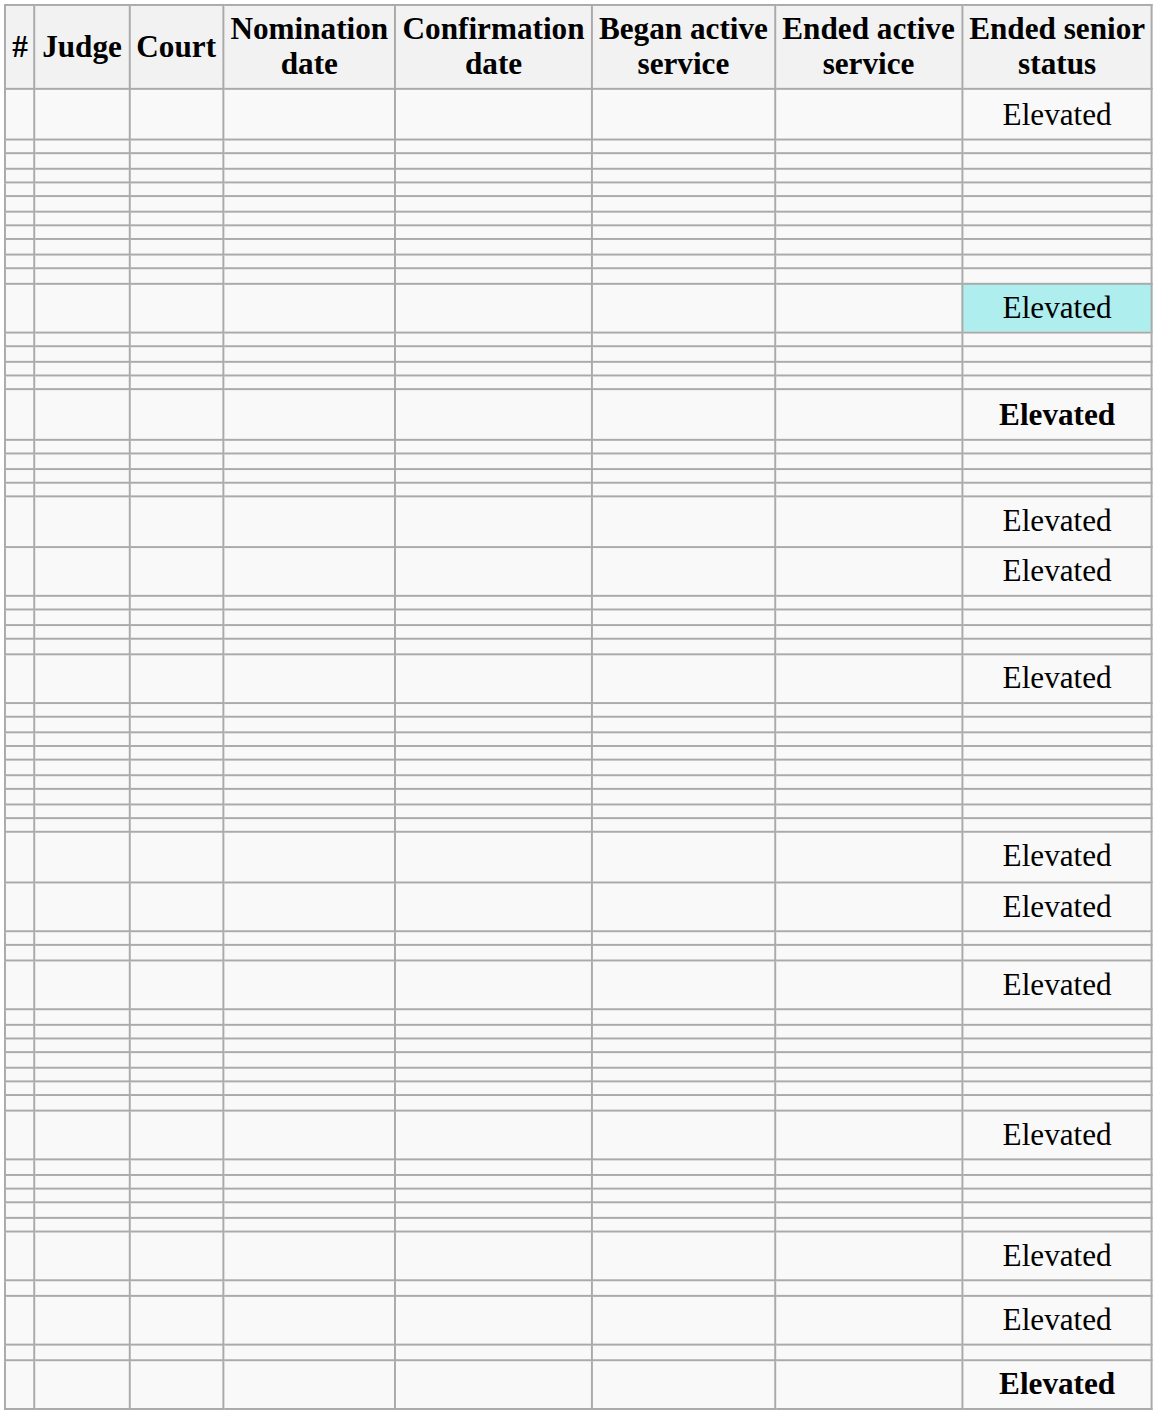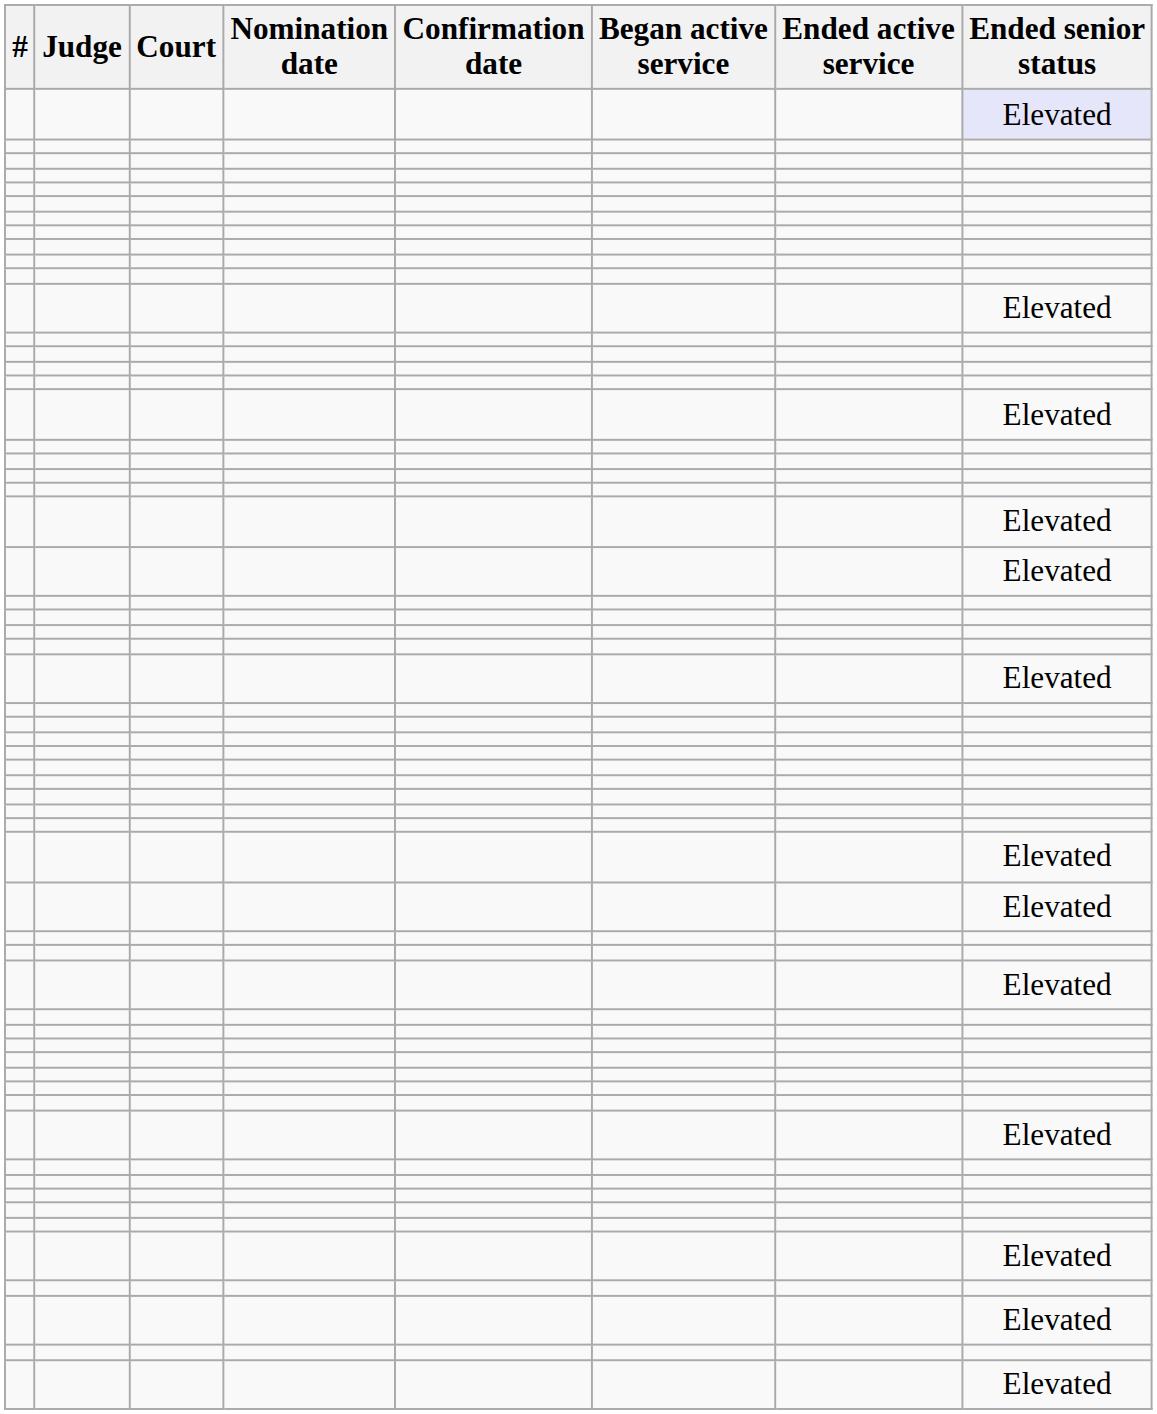 <table class="sortable wikitable">
 <tr bgcolor="#ececec">
 <th>#</th>
 <th>Judge</th>
 <th>Court<br></th>
 <th>Nomination<br>date</th>
 <th>Confirmation<br>date</th>
 <th>Began active<br>service</th>
 <th>Ended active<br>service</th>
 <th>Ended senior<br>status</th>
 </tr>
 <tr>
 <td></td>
 <td></td>
 <td></td>
 <td></td>
 <td></td>
 <td></td>
 <td></td>
-<td align="center">Elevated</td>
+<td align="center" style="background: lavender;">Elevated</td>
 </tr>
 <tr>
 <td></td>
 <td></td>
 <td></td>
 <td></td>
 <td></td>
 <td></td>
 <td></td>
 <td align="center"></td>
 </tr>
 <tr>
 <td></td>
 <td></td>
 <td></td>
 <td></td>
 <td></td>
 <td></td>
 <td></td>
 <td align="center"></td>
 </tr>
 <tr>
 <td></td>
 <td></td>
 <td></td>
 <td></td>
 <td></td>
 <td></td>
 <td></td>
 <td align="center"></td>
 </tr>
 <tr>
 <td></td>
 <td></td>
 <td></td>
 <td></td>
 <td></td>
 <td></td>
 <td></td>
 <td align="center"></td>
 </tr>
 <tr>
 <td></td>
 <td></td>
 <td></td>
 <td></td>
 <td></td>
 <td></td>
 <td></td>
 <td align="center"></td>
 </tr>
 <tr>
 <td></td>
 <td></td>
 <td></td>
 <td></td>
 <td></td>
 <td></td>
 <td></td>
 <td></td>
 </tr>
 <tr>
 <td></td>
 <td></td>
 <td></td>
 <td></td>
 <td></td>
 <td></td>
 <td></td>
 <td align="center"></td>
 </tr>
 <tr>
 <td></td>
 <td></td>
 <td></td>
 <td></td>
 <td></td>
 <td></td>
 <td></td>
 <td align="center"></td>
 </tr>
 <tr>
 <td></td>
 <td></td>
 <td></td>
 <td></td>
 <td></td>
 <td></td>
 <td></td>
 <td></td>
 </tr>
 <tr>
 <td></td>
 <td></td>
 <td></td>
 <td></td>
 <td></td>
 <td></td>
 <td></td>
 <td align="center"></td>
 </tr>
 <tr>
 <td></td>
 <td></td>
 <td></td>
 <td></td>
 <td></td>
 <td></td>
 <td></td>
-<td align="center" style="background: paleturquoise;">Elevated</td>
+<td align="center">Elevated</td>
 </tr>
 <tr>
 <td></td>
 <td></td>
 <td></td>
 <td></td>
 <td></td>
 <td></td>
 <td></td>
 <td align="center"></td>
 </tr>
 <tr>
 <td></td>
 <td></td>
 <td></td>
 <td></td>
 <td></td>
 <td></td>
 <td></td>
 <td align="center"></td>
 </tr>
 <tr>
 <td></td>
 <td></td>
 <td></td>
 <td></td>
 <td></td>
 <td></td>
 <td></td>
 <td></td>
 </tr>
 <tr>
 <td></td>
 <td></td>
 <td></td>
 <td></td>
 <td></td>
 <td></td>
 <td></td>
 <td align="center"></td>
 </tr>
 <tr>
 <td></td>
 <td></td>
 <td></td>
 <td></td>
 <td></td>
 <td></td>
 <td></td>
-<td align="center"><strong>Elevated</strong></td>
+<td align="center">Elevated</td>
 </tr>
 <tr>
 <td></td>
 <td></td>
 <td></td>
 <td></td>
 <td></td>
 <td></td>
 <td></td>
 <td align="center"></td>
 </tr>
 <tr>
 <td></td>
 <td></td>
 <td></td>
 <td></td>
 <td></td>
 <td></td>
 <td></td>
 <td align="center"></td>
 </tr>
 <tr>
 <td></td>
 <td></td>
 <td></td>
 <td></td>
 <td></td>
 <td></td>
 <td></td>
 <td></td>
 </tr>
 <tr>
 <td></td>
 <td></td>
 <td></td>
 <td></td>
 <td></td>
 <td></td>
 <td></td>
 <td align="center"></td>
 </tr>
 <tr>
 <td></td>
 <td></td>
 <td></td>
 <td></td>
 <td></td>
 <td></td>
 <td></td>
 <td align="center">Elevated</td>
 </tr>
 <tr>
 <td></td>
 <td></td>
 <td></td>
 <td></td>
 <td></td>
 <td></td>
 <td></td>
 <td align="center">Elevated</td>
 </tr>
 <tr>
 <td></td>
 <td></td>
 <td></td>
 <td></td>
 <td></td>
 <td></td>
 <td></td>
 <td align="center"></td>
 </tr>
 <tr>
 <td></td>
 <td></td>
 <td></td>
 <td></td>
 <td></td>
 <td></td>
 <td></td>
 <td align="center"></td>
 </tr>
 <tr>
 <td></td>
 <td></td>
 <td></td>
 <td></td>
 <td></td>
 <td></td>
 <td></td>
 <td align="center"></td>
 </tr>
 <tr>
 <td></td>
 <td></td>
 <td></td>
 <td></td>
 <td></td>
 <td></td>
 <td></td>
 <td align="center"></td>
 </tr>
 <tr>
 <td></td>
 <td></td>
 <td></td>
 <td></td>
 <td></td>
 <td></td>
 <td></td>
 <td align="center">Elevated</td>
 </tr>
 <tr>
 <td></td>
 <td></td>
 <td></td>
 <td></td>
 <td></td>
 <td></td>
 <td></td>
 <td align="center"></td>
 </tr>
 <tr>
 <td></td>
 <td></td>
 <td></td>
 <td></td>
 <td></td>
 <td></td>
 <td></td>
 <td align="center"></td>
 </tr>
 <tr>
 <td></td>
 <td></td>
 <td></td>
 <td></td>
 <td></td>
 <td></td>
 <td></td>
 <td align="center"></td>
 </tr>
 <tr>
 <td></td>
 <td></td>
 <td></td>
 <td></td>
 <td></td>
 <td></td>
 <td></td>
 <td align="center"></td>
 </tr>
 <tr>
 <td></td>
 <td></td>
 <td></td>
 <td></td>
 <td></td>
 <td></td>
 <td></td>
 <td align="center"></td>
 </tr>
 <tr>
 <td></td>
 <td></td>
 <td></td>
 <td></td>
 <td></td>
 <td></td>
 <td></td>
 <td align="center"></td>
 </tr>
 <tr>
 <td></td>
 <td></td>
 <td></td>
 <td></td>
 <td></td>
 <td></td>
 <td></td>
 <td align="center"></td>
 </tr>
 <tr>
 <td></td>
 <td></td>
 <td></td>
 <td></td>
 <td></td>
 <td></td>
 <td></td>
 <td align="center"></td>
 </tr>
 <tr>
 <td></td>
 <td></td>
 <td></td>
 <td></td>
 <td></td>
 <td></td>
 <td></td>
 <td align="center"></td>
 </tr>
 <tr>
 <td></td>
 <td></td>
 <td></td>
 <td></td>
 <td></td>
 <td></td>
 <td></td>
 <td align="center">Elevated</td>
 </tr>
 <tr>
 <td></td>
 <td></td>
 <td></td>
 <td></td>
 <td></td>
 <td></td>
 <td></td>
 <td align="center">Elevated</td>
 </tr>
 <tr>
 <td></td>
 <td></td>
 <td></td>
 <td></td>
 <td></td>
 <td></td>
 <td></td>
 <td align="center"></td>
 </tr>
 <tr>
 <td></td>
 <td></td>
 <td></td>
 <td></td>
 <td></td>
 <td></td>
 <td></td>
 <td align="center"></td>
 </tr>
 <tr>
 <td></td>
 <td></td>
 <td></td>
 <td></td>
 <td></td>
 <td></td>
 <td></td>
 <td align="center">Elevated</td>
 </tr>
 <tr>
 <td></td>
 <td></td>
 <td></td>
 <td></td>
 <td></td>
 <td></td>
 <td></td>
 <td align="center"></td>
 </tr>
 <tr>
 <td></td>
 <td></td>
 <td></td>
 <td></td>
 <td></td>
 <td></td>
 <td></td>
 <td></td>
 </tr>
 <tr>
 <td></td>
 <td></td>
 <td></td>
 <td></td>
 <td></td>
 <td></td>
 <td></td>
 <td align="center"></td>
 </tr>
 <tr>
 <td></td>
 <td></td>
 <td></td>
 <td></td>
 <td></td>
 <td></td>
 <td></td>
 <td></td>
 </tr>
 <tr>
 <td></td>
 <td></td>
 <td></td>
 <td></td>
 <td></td>
 <td></td>
 <td></td>
 <td></td>
 </tr>
 <tr>
 <td></td>
 <td></td>
 <td></td>
 <td></td>
 <td align="center"></td>
 <td></td>
 <td></td>
 <td align="center"></td>
 </tr>
 <tr>
 <td></td>
 <td></td>
 <td></td>
 <td></td>
 <td></td>
 <td></td>
 <td></td>
 <td align="center"></td>
 </tr>
 <tr>
 <td></td>
 <td></td>
 <td></td>
 <td></td>
 <td></td>
 <td></td>
 <td></td>
 <td align="center">Elevated</td>
 </tr>
 <tr>
 <td></td>
 <td></td>
 <td></td>
 <td></td>
 <td></td>
 <td></td>
 <td></td>
 <td align="center"></td>
 </tr>
 <tr>
 <td></td>
 <td></td>
 <td></td>
 <td></td>
 <td align="center"></td>
 <td></td>
 <td></td>
 <td align="center"></td>
 </tr>
 <tr>
 <td></td>
 <td></td>
 <td></td>
 <td></td>
 <td align="center"></td>
 <td></td>
 <td></td>
 <td align="center"></td>
 </tr>
 <tr>
 <td></td>
 <td></td>
 <td></td>
 <td></td>
 <td></td>
 <td></td>
 <td></td>
 <td align="center"></td>
 </tr>
 <tr>
 <td></td>
 <td></td>
 <td></td>
 <td></td>
 <td></td>
 <td></td>
 <td></td>
 <td align="center"></td>
 </tr>
 <tr>
 <td></td>
 <td></td>
 <td></td>
 <td></td>
 <td></td>
 <td></td>
 <td></td>
 <td align="center">Elevated</td>
 </tr>
 <tr>
 <td></td>
 <td></td>
 <td></td>
 <td></td>
 <td></td>
 <td></td>
 <td></td>
 <td align="center"></td>
 </tr>
 <tr>
 <td></td>
 <td></td>
 <td></td>
 <td></td>
 <td></td>
 <td></td>
 <td></td>
 <td align="center">Elevated</td>
 </tr>
 <tr>
 <td></td>
 <td></td>
 <td></td>
 <td></td>
 <td align="center"></td>
 <td></td>
 <td></td>
 <td align="center"></td>
 </tr>
 <tr>
 <td></td>
 <td></td>
 <td></td>
 <td></td>
 <td></td>
 <td></td>
 <td></td>
-<td align="center"><strong>Elevated</strong></td>
+<td align="center">Elevated</td>
 </tr>
 </table>
